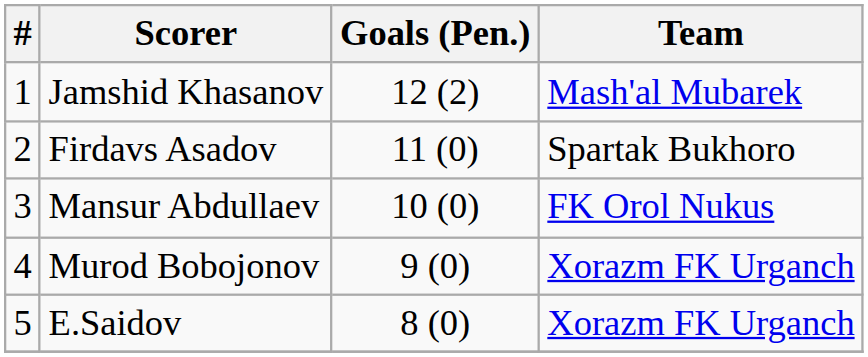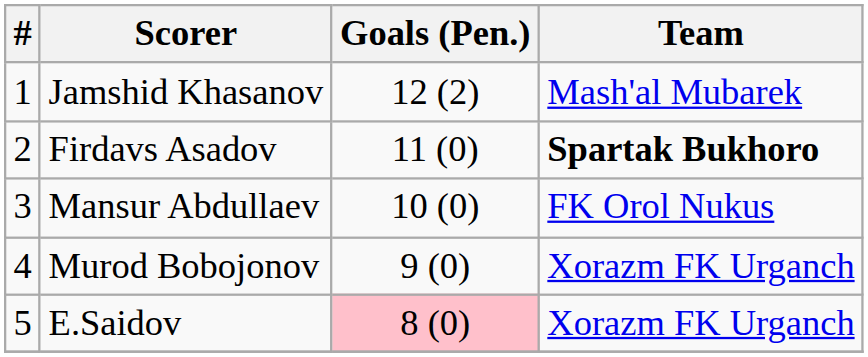 <table class="wikitable">
 <tr>
 <th>#</th>
 <th>Scorer</th>
 <th>Goals (Pen.)</th>
 <th>Team</th>
 </tr>
 <tr>
 <td>1</td>
 <td> Jamshid Khasanov</td>
 <td align=center>12 (2)</td>
 <td><a href='#'>Mash'al Mubarek</a></td>
 </tr>
 <tr>
 <td>2</td>
 <td> Firdavs Asadov</td>
 <td align=center>11 (0)</td>
-<td>Spartak Bukhoro</td>
+<td><strong>Spartak Bukhoro</strong></td>
 </tr>
 <tr>
 <td>3</td>
 <td> Mansur Abdullaev</td>
 <td align=center>10 (0)</td>
 <td><a href='#'>FK Orol Nukus</a></td>
 </tr>
 <tr>
 <td>4</td>
 <td> Murod Bobojonov</td>
 <td align=center>9 (0)</td>
 <td><a href='#'>Xorazm FK Urganch</a></td>
 </tr>
 <tr>
 <td>5</td>
 <td> E.Saidov</td>
-<td align=center>8 (0)</td>
+<td align=center style="background: pink;">8 (0)</td>
 <td><a href='#'>Xorazm FK Urganch</a></td>
 </tr>
 <tr>
 </tr>
 </table>
